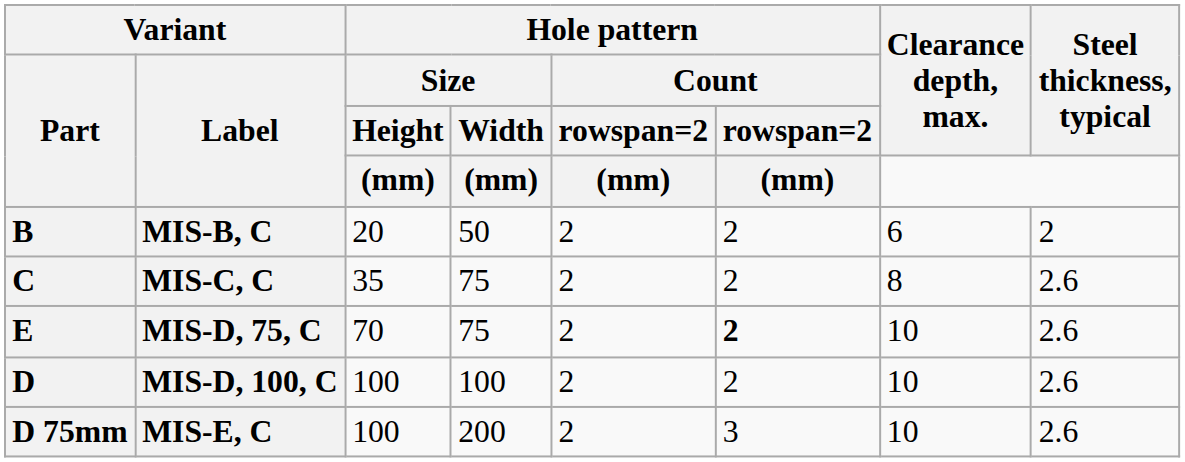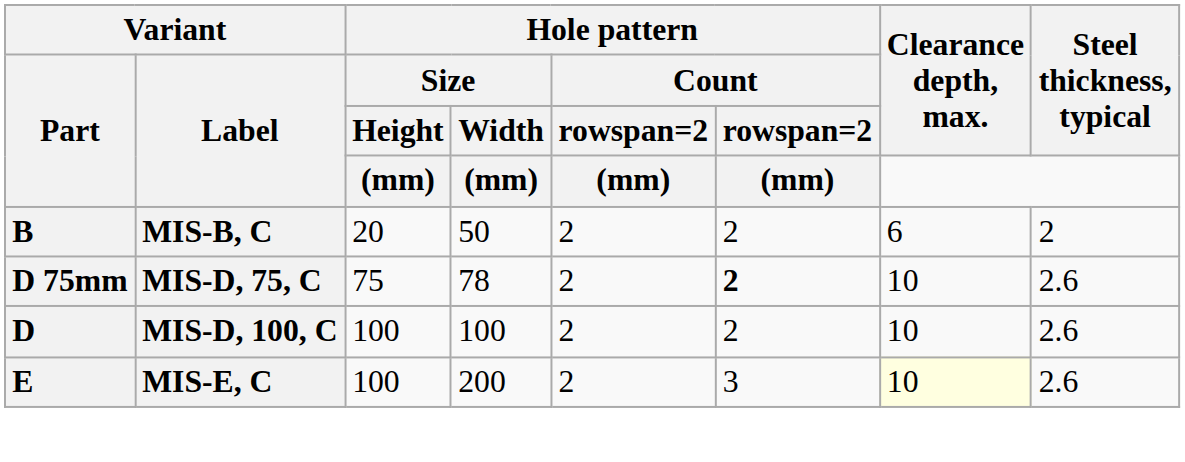 <table class="wikitable">
 <tr>
 <th colspan="2">Variant</th>
 <th colspan="4">Hole pattern</th>
 <th rowspan=3>Clearance <br>depth, <br>max.</th>
 <th rowspan=3>Steel <br>thickness, <br>typical</th>
 </tr>
 <tr>
 <th rowspan=3>Part</th>
 <th rowspan=3>Label</th>
 <th colspan="2">Size</th>
 <th colspan="2">Count</th>
 </tr>
 <tr>
 <th>Height</th>
 <th>Width</th>
 <th>rowspan=2 </th>
 <th>rowspan=2 </th>
 </tr>
 <tr>
 <th>(mm)</th>
 <th>(mm)</th>
 <th>(mm)</th>
 <th>(mm)</th>
 </tr>
 <tr>
 <th style="text-align:left" scope="row">B</th>
 <th style="text-align:left" scope="row">MIS-B, C</th>
 <td>20</td>
 <td>50</td>
 <td>2</td>
 <td>2</td>
 <td>6</td>
 <td>2</td>
 </tr>
 <tr>
-<th style="text-align:left" scope="row">C</th>
-<th style="text-align:left" scope="row">MIS-C, C</th>
-<td>35</td>
+<th style="text-align:left" scope="row">D 75mm</th>
+<th style="text-align:left" scope="row">MIS-D, 75, C</th>
 <td>75</td>
-<td>2</td>
-<td>2</td>
-<td>8</td>
-<td>2.6</td>
-</tr>
-<tr>
-<th style="text-align:left" scope="row">E</th>
-<th style="text-align:left" scope="row">MIS-D, 75, C</th>
-<td>70</td>
-<td>75</td>
+<td>78</td>
 <td>2</td>
 <td><strong>2</strong></td>
 <td>10</td>
 <td>2.6</td>
 </tr>
 <tr>
 <th style="text-align:left" scope="row">D</th>
 <th style="text-align:left" scope="row">MIS-D, 100, C</th>
 <td>100</td>
 <td>100</td>
 <td>2</td>
 <td>2</td>
 <td>10</td>
 <td>2.6</td>
 </tr>
 <tr>
-<th style="text-align:left" scope="row">D 75mm</th>
+<th style="text-align:left" scope="row">E</th>
 <th style="text-align:left" scope="row">MIS-E, C</th>
 <td>100</td>
 <td>200</td>
 <td>2</td>
 <td>3</td>
-<td>10</td>
+<td style="background: lightyellow;">10</td>
 <td>2.6</td>
 </tr>
 </table>
